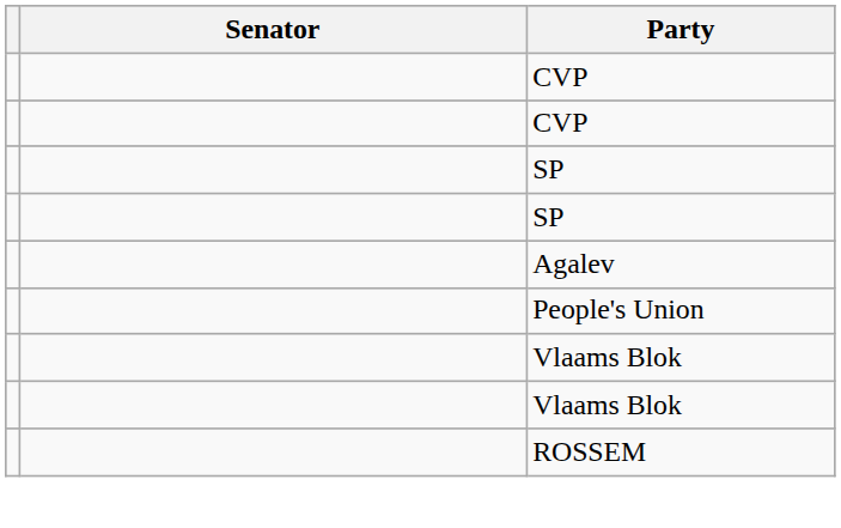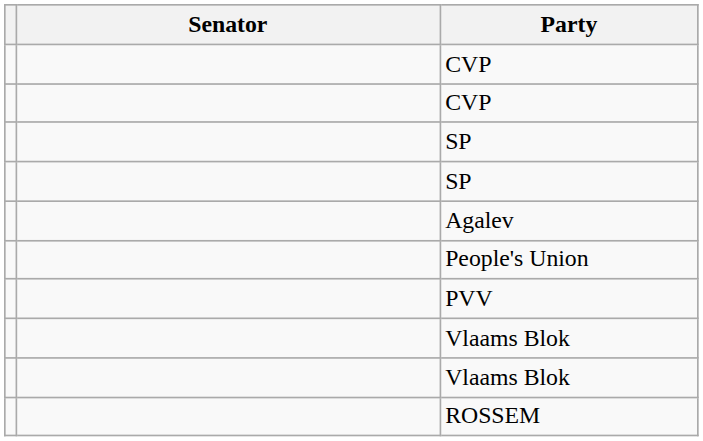 <table class="sortable wikitable" style="text-align:left; font-size:90%;">
 <tr>
 <th></th>
 <th width="250">Senator</th>
 <th width="150">Party</th>
 </tr>
 <tr>
 <td></td>
 <td></td>
 <td>CVP</td>
 </tr>
 <tr>
 <td></td>
 <td></td>
 <td>CVP</td>
 </tr>
 <tr>
 <td></td>
 <td></td>
 <td>SP</td>
 </tr>
 <tr>
 <td></td>
 <td></td>
 <td>SP</td>
 </tr>
 <tr>
 <td></td>
 <td></td>
 <td>Agalev</td>
 </tr>
 <tr>
 <td></td>
 <td></td>
 <td>People's Union</td>
 </tr>
 <tr>
 <td></td>
 <td></td>
+<td>PVV</td>
+</tr>
+<tr>
+<td></td>
+<td></td>
 <td>Vlaams Blok</td>
 </tr>
 <tr>
 <td></td>
 <td></td>
 <td>Vlaams Blok</td>
 </tr>
 <tr>
 <td></td>
 <td></td>
 <td>ROSSEM</td>
 </tr>
 </table>
